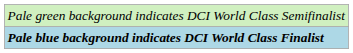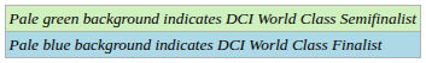 <table class="wikitable" style="font-size:95%;">
 <tr>
 <td style="background-color:#d0f0c0"><em>Pale green background indicates DCI World Class Semifinalist</em></td>
 </tr>
 <tr>
-<td style="background-color:#add8e6"><strong><em>Pale blue background indicates DCI World Class Finalist</em></strong></td>
+<td style="background-color:#add8e6"><em>Pale blue background indicates DCI World Class Finalist</em></td>
 </tr>
 </table>
